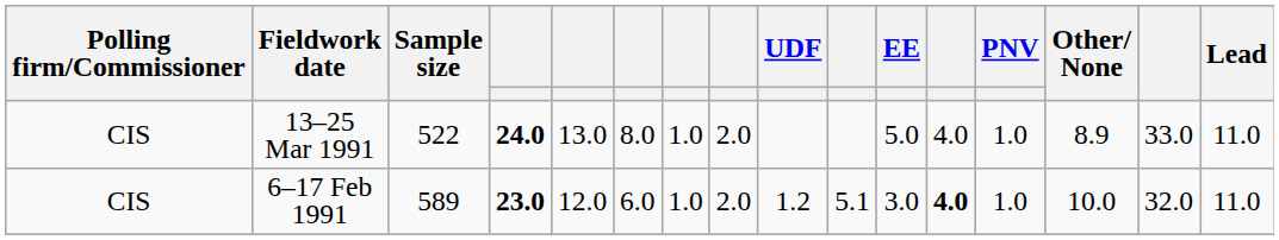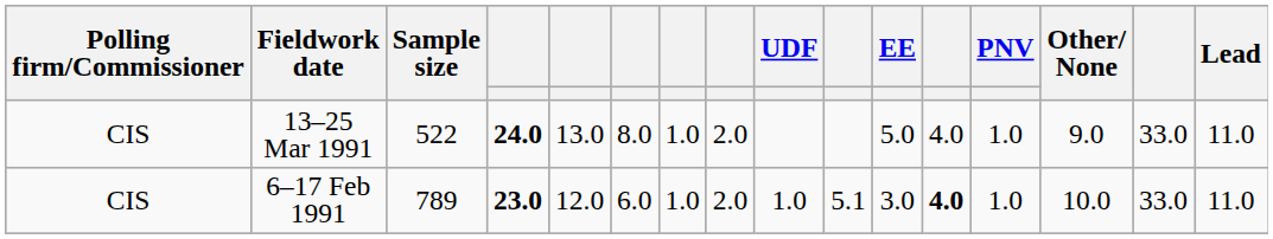 <table class="wikitable collapsible collapsed" style="text-align:center; font-size:90%; line-height:14px;">
 <tr style="height:42px;">
 <th style="width:250px;" rowspan="2">Polling firm/Commissioner</th>
 <th style="width:125px;" rowspan="2">Fieldwork date</th>
 <th style="width:50px;" rowspan="2">Sample size</th>
 <th style="width:35px;"></th>
 <th style="width:35px;"></th>
 <th style="width:35px;"></th>
 <th style="width:35px;"></th>
 <th style="width:35px;"></th>
 <th style="width:35px;"><a href='#'>UDF</a></th>
 <th style="width:35px;"></th>
 <th style="width:35px;"><a href='#'>EE</a></th>
 <th style="width:35px;"></th>
 <th style="width:35px;"><a href='#'>PNV</a></th>
 <th style="width:35px;" rowspan="2">Other/<br>None</th>
 <th style="width:35px;" rowspan="2"></th>
 <th style="width:30px;" rowspan="2">Lead</th>
 </tr>
 <tr>
 <th style="color:inherit;background:"></th>
 <th style="color:inherit;background:"></th>
 <th style="color:inherit;background:"></th>
 <th style="color:inherit;background:"></th>
 <th style="color:inherit;background:"></th>
 <th style="color:inherit;background:"></th>
 <th style="color:inherit;background:"></th>
 <th style="color:inherit;background:"></th>
 <th style="color:inherit;background:"></th>
 <th style="color:inherit;background:"></th>
 </tr>
 <tr>
 <td>CIS</td>
 <td>13–25 Mar 1991</td>
 <td>522</td>
 <td><strong>24.0</strong></td>
 <td>13.0</td>
 <td>8.0</td>
 <td>1.0</td>
 <td>2.0</td>
 <td></td>
 <td></td>
 <td>5.0</td>
 <td>4.0</td>
 <td>1.0</td>
-<td>8.9</td>
+<td>9.0</td>
 <td>33.0</td>
 <td style="background:">11.0</td>
 </tr>
 <tr>
 <td>CIS</td>
 <td>6–17 Feb 1991</td>
-<td>589</td>
+<td>789</td>
 <td><strong>23.0</strong></td>
 <td>12.0</td>
 <td>6.0</td>
 <td>1.0</td>
 <td>2.0</td>
-<td>1.2</td>
+<td>1.0</td>
 <td>5.1</td>
 <td>3.0</td>
 <td><strong>4.0</strong></td>
 <td>1.0</td>
 <td>10.0</td>
-<td>32.0</td>
+<td>33.0</td>
 <td style="background:">11.0</td>
 </tr>
 </table>
